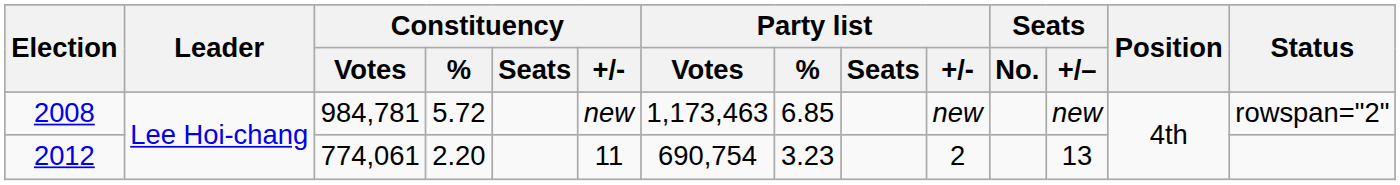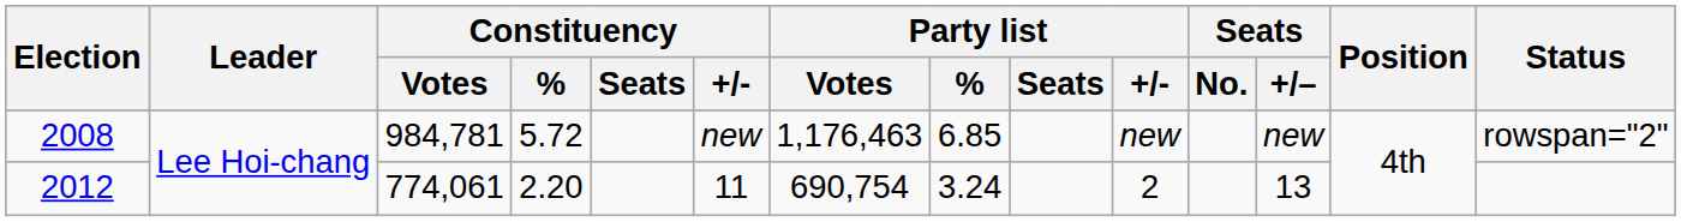 <table class="wikitable" style="text-align:center">
 <tr>
 <th rowspan="2">Election</th>
 <th rowspan="2">Leader</th>
 <th colspan="4">Constituency</th>
 <th colspan="4">Party list</th>
 <th colspan="2">Seats</th>
 <th rowspan="2">Position</th>
 <th rowspan="2">Status</th>
 </tr>
 <tr>
 <th>Votes</th>
 <th>%</th>
 <th>Seats</th>
 <th>+/-</th>
 <th>Votes</th>
 <th>%</th>
 <th>Seats</th>
 <th>+/-</th>
 <th>No.</th>
 <th>+/–</th>
 </tr>
 <tr>
 <td><a href='#'>2008</a></td>
 <td rowspan="2"><a href='#'>Lee Hoi-chang</a></td>
 <td>984,781</td>
 <td>5.72</td>
 <td></td>
 <td><em>new</em></td>
-<td>1,173,463</td>
+<td>1,176,463</td>
 <td>6.85</td>
 <td></td>
 <td><em>new</em></td>
 <td></td>
 <td><em>new</em></td>
 <td rowspan="2">4th</td>
 <td>rowspan="2" </td>
 </tr>
 <tr>
 <td><a href='#'>2012</a></td>
 <td>774,061</td>
 <td>2.20</td>
 <td></td>
 <td> 11</td>
 <td>690,754</td>
-<td>3.23</td>
+<td>3.24</td>
 <td></td>
 <td> 2</td>
 <td></td>
 <td> 13</td>
 </tr>
 </table>
